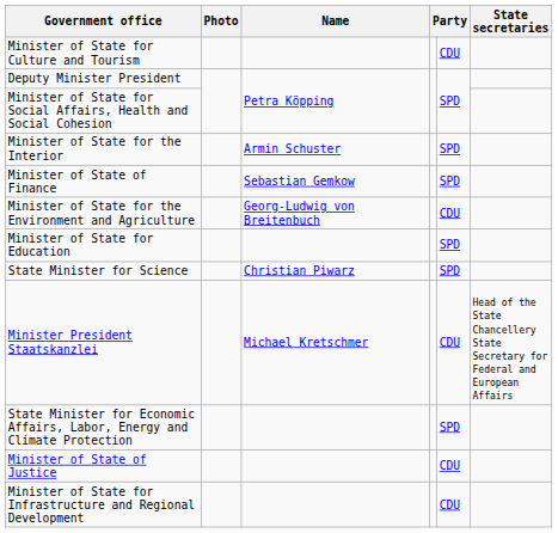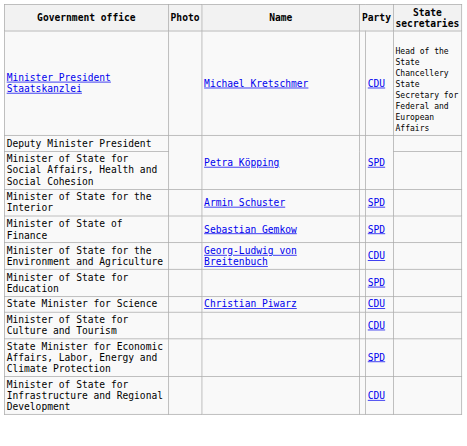 <table class="wikitable" width="70%">
 <tr>
 <th width="45%">Government office</th>
 <th class="unsortable">Photo</th>
 <th width="45%">Name</th>
 <th colspan="2">Party</th>
 <th>State secretaries</th>
 </tr>
 <tr>
-<td>Minister of State for Culture and Tourism</td>
+<td><a href='#'>Minister President</a><br><a href='#'>Staatskanzlei</a></td>
 <td style="padding:0;text-align:center;vertical-align:middle;"></td>
-<td></td>
+<td><a href='#'>Michael Kretschmer</a></td>
 <td></td>
 <td><a href='#'>CDU</a></td>
-<td></td>
+<td><br><small>Head of the State Chancellery</small><br><small>State Secretary for Federal and European Affairs</small></td>
 </tr>
 <tr>
 <td>Deputy Minister President</td>
 <td rowspan="2" style="padding:0;text-align:center;vertical-align:middle;"></td>
 <td rowspan="2"><a href='#'>Petra Köpping</a></td>
 <td rowspan="2"></td>
 <td rowspan="2"><a href='#'>SPD</a></td>
 <td></td>
 </tr>
 <tr>
 <td>Minister of State for Social Affairs, Health and Social Cohesion</td>
 <td></td>
 </tr>
 <tr>
 <td>Minister of State for the Interior</td>
 <td style="padding:0;text-align:center;vertical-align:middle;"></td>
 <td><a href='#'>Armin Schuster</a></td>
 <td></td>
 <td><a href='#'>SPD</a></td>
 <td></td>
 </tr>
 <tr>
 <td>Minister of State of Finance</td>
 <td></td>
 <td><a href='#'>Sebastian Gemkow</a></td>
 <td></td>
 <td><a href='#'>SPD</a></td>
 <td></td>
 </tr>
 <tr>
 <td>Minister of State for the Environment and Agriculture</td>
 <td style="padding:0;text-align:center;vertical-align:middle;"></td>
 <td><a href='#'>Georg-Ludwig von Breitenbuch</a></td>
 <td></td>
 <td><a href='#'>CDU</a></td>
 <td></td>
 </tr>
 <tr>
 <td>Minister of State for Education</td>
 <td style="padding:0;text-align:center;vertical-align:middle;"></td>
 <td></td>
 <td></td>
 <td><a href='#'>SPD</a></td>
 <td></td>
 </tr>
 <tr>
 <td>State Minister for Science</td>
 <td style="padding:0;text-align:center;vertical-align:middle;"></td>
 <td><a href='#'>Christian Piwarz</a></td>
 <td></td>
-<td><a href='#'>SPD</a></td>
+<td><a href='#'>CDU</a></td>
 <td></td>
 </tr>
 <tr>
-<td><a href='#'>Minister President</a><br><a href='#'>Staatskanzlei</a></td>
+<td>Minister of State for Culture and Tourism</td>
 <td style="padding:0;text-align:center;vertical-align:middle;"></td>
-<td><a href='#'>Michael Kretschmer</a></td>
+<td></td>
 <td></td>
 <td><a href='#'>CDU</a></td>
-<td><br><small>Head of the State Chancellery</small><br><small>State Secretary for Federal and European Affairs</small></td>
+<td></td>
 </tr>
 <tr>
 <td>State Minister for Economic Affairs, Labor, Energy and Climate Protection</td>
 <td style="padding:0;text-align:center;vertical-align:middle;"></td>
 <td></td>
 <td></td>
 <td><a href='#'>SPD</a></td>
-<td></td>
-</tr>
-<tr>
-<td><a href='#'>Minister of State of Justice</a></td>
-<td style="padding:0;text-align:center;vertical-align:middle;"></td>
-<td></td>
-<td></td>
-<td><a href='#'>CDU</a></td>
 <td></td>
 </tr>
 <tr>
 <td>Minister of State for Infrastructure and Regional Development</td>
 <td style="padding:0;text-align:center;vertical-align:middle;"></td>
 <td></td>
 <td></td>
 <td><a href='#'>CDU</a></td>
 <td></td>
 </tr>
 </table>
